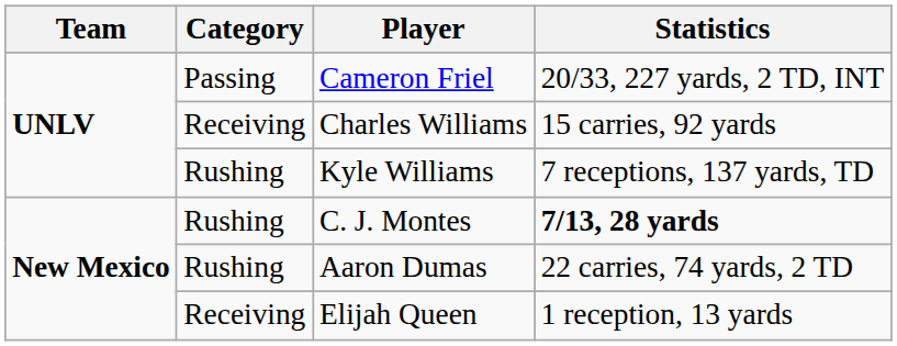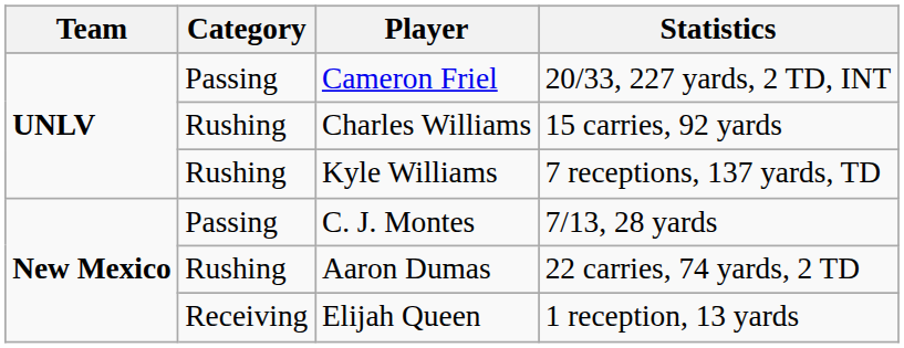 <table class="wikitable" style="float: left;">
 <tr>
 <th>Team</th>
 <th>Category</th>
 <th>Player</th>
 <th>Statistics</th>
 </tr>
 <tr>
 <td rowspan=3><strong>UNLV</strong></td>
 <td>Passing</td>
 <td><a href='#'>Cameron Friel</a></td>
 <td>20/33, 227 yards, 2 TD, INT</td>
 </tr>
 <tr>
-<td>Receiving</td>
+<td>Rushing</td>
 <td>Charles Williams</td>
 <td>15 carries, 92 yards</td>
 </tr>
 <tr>
 <td>Rushing</td>
 <td>Kyle Williams</td>
 <td>7 receptions, 137 yards, TD</td>
 </tr>
 <tr>
 <td rowspan=3><strong>New Mexico</strong></td>
-<td>Rushing</td>
+<td>Passing</td>
 <td>C. J. Montes</td>
-<td><strong>7/13, 28 yards</strong></td>
+<td>7/13, 28 yards</td>
 </tr>
 <tr>
 <td>Rushing</td>
 <td>Aaron Dumas</td>
 <td>22 carries, 74 yards, 2 TD</td>
 </tr>
 <tr>
 <td>Receiving</td>
 <td>Elijah Queen</td>
 <td>1 reception, 13 yards</td>
 </tr>
 </table>
